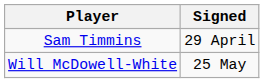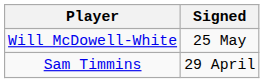 <table class="wikitable sortable sortable" style="text-align: center">
 <tr>
 <th>Player</th>
 <th>Signed</th>
 </tr>
 <tr>
+<td><a href='#'>Will McDowell-White</a></td>
+<td>25 May</td>
+</tr>
+<tr>
 <td><a href='#'>Sam Timmins</a></td>
 <td>29 April</td>
 </tr>
-<tr>
-<td><a href='#'>Will McDowell-White</a></td>
-<td>25 May</td>
-</tr>
 </table>
